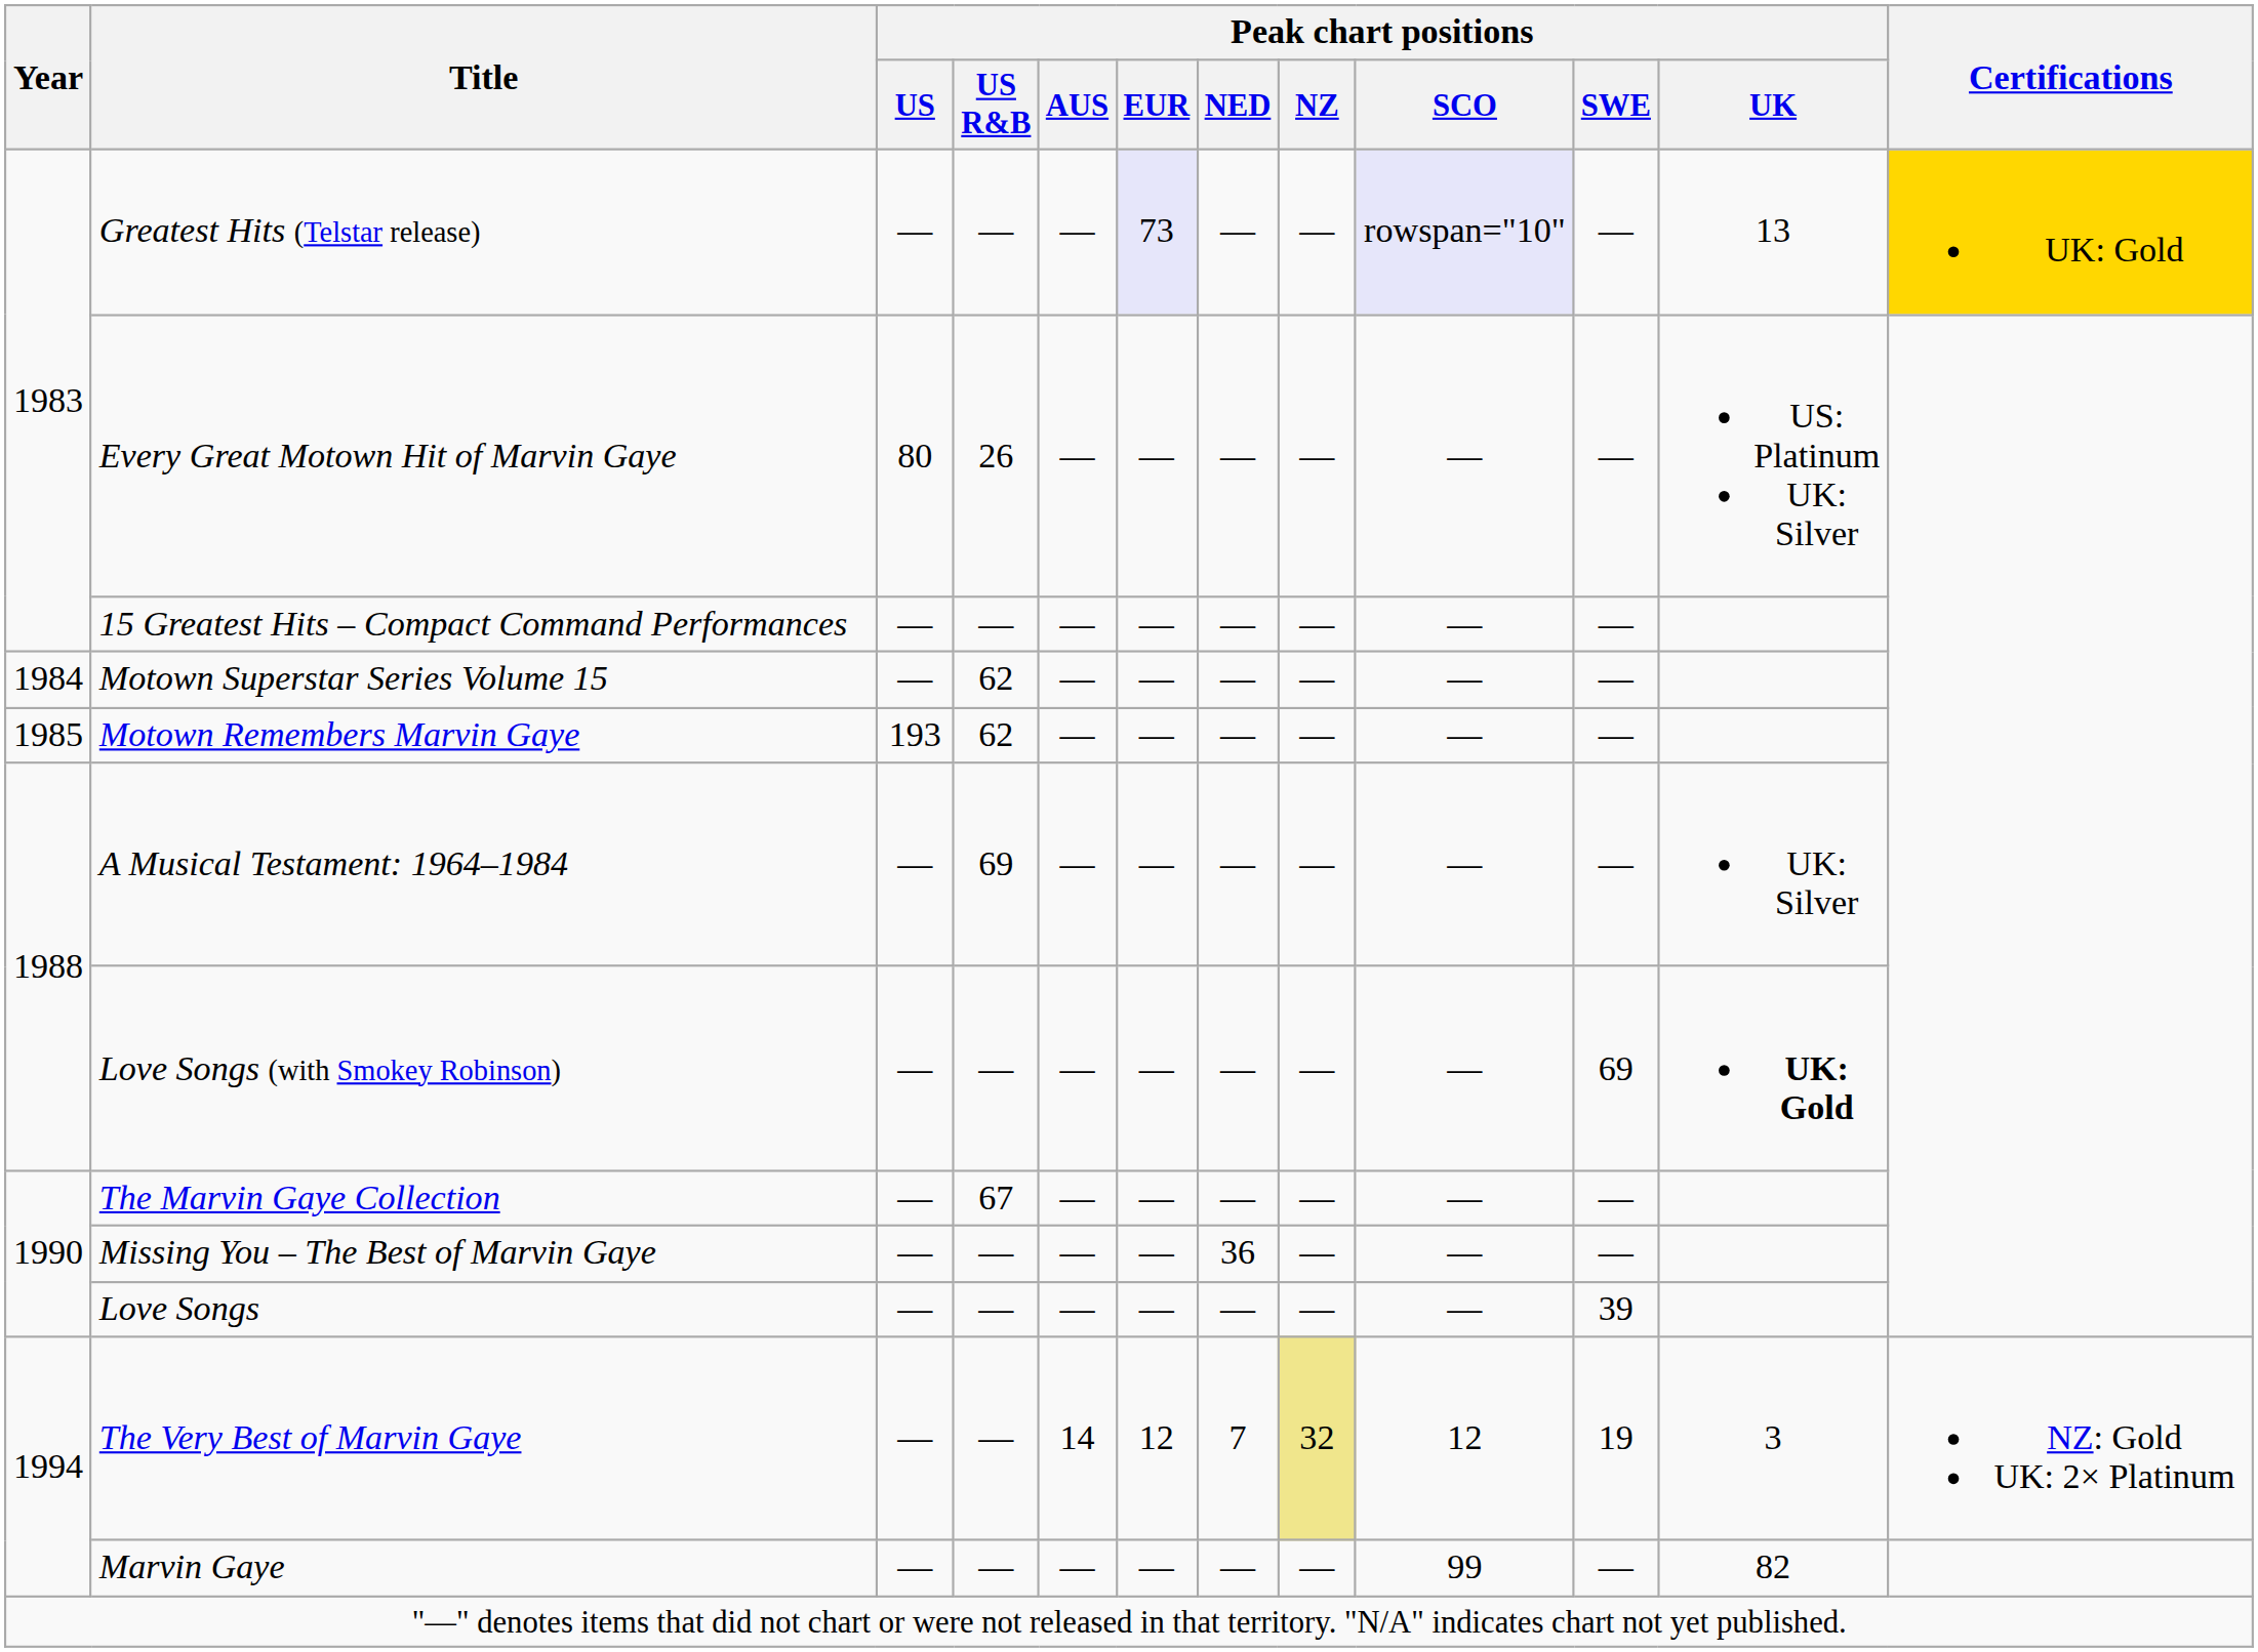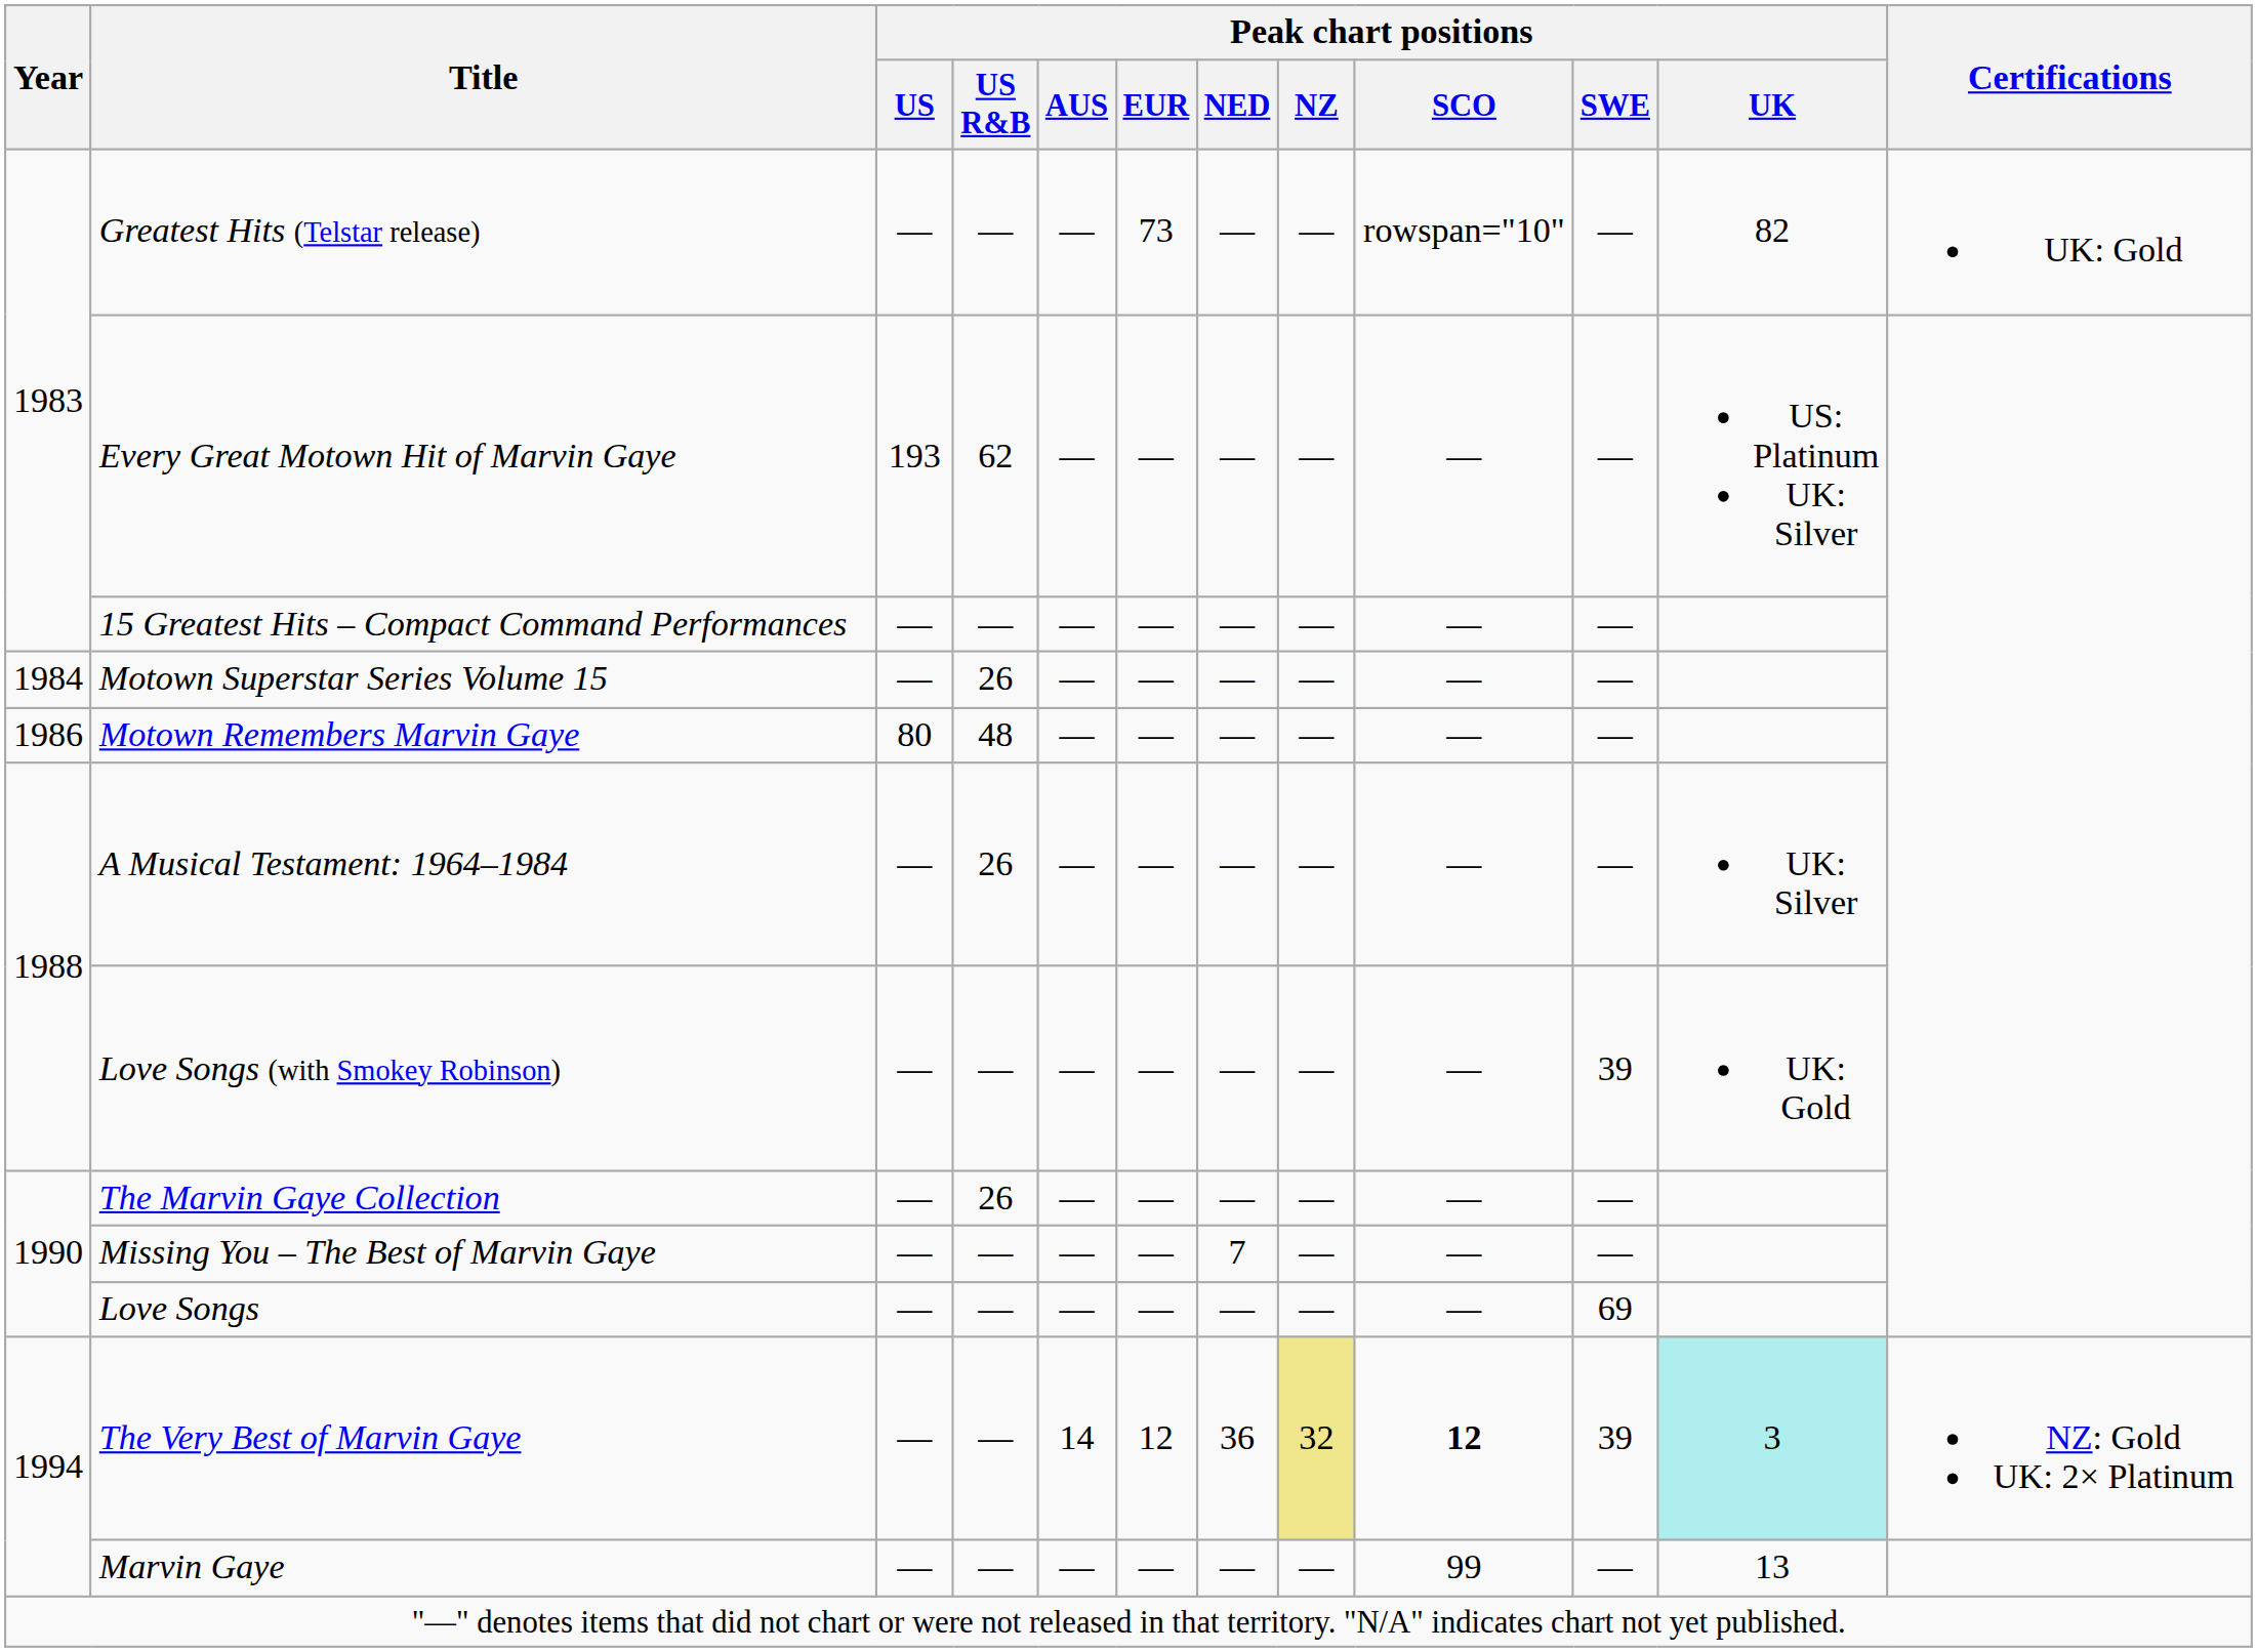 <table class="wikitable plainrowheaders" style="text-align:center;">
 <tr>
 <th scope="col" rowspan="2" style="width:2em;">Year</th>
 <th scope="col" rowspan="2" style="width:22em;">Title</th>
 <th scope="col" colspan="9">Peak chart positions</th>
 <th scope="col" rowspan="2" style="width:10em;"><a href='#'>Certifications</a></th>
 </tr>
 <tr>
 <th style="width:2em;font-size:90%;"><a href='#'>US</a><br></th>
 <th style="width:2em;font-size:90%;"><a href='#'>US<br>R&B</a><br></th>
 <th style="width:2em;font-size:90%;"><a href='#'>AUS</a><br></th>
 <th style="width:2em;font-size:90%;"><a href='#'>EUR</a><br></th>
 <th style="width:2em;font-size:90%;"><a href='#'>NED</a><br></th>
 <th style="width:2em;font-size:90%;"><a href='#'>NZ</a><br></th>
 <th style="width:2em;font-size:90%;"><a href='#'>SCO</a><br></th>
 <th style="width:2em;font-size:90%;"><a href='#'>SWE</a><br></th>
 <th style="width:2em;font-size:90%;"><a href='#'>UK</a><br></th>
 </tr>
 <tr>
 <td rowspan="3">1983</td>
 <td style="text-align:left;"><em>Greatest Hits</em> <small>(<a href='#'>Telstar</a> release)</small></td>
 <td>—</td>
 <td>—</td>
 <td>—</td>
-<td style="background: lavender;">73</td>
+<td>73</td>
 <td>—</td>
 <td>—</td>
-<td style="background: lavender;">rowspan="10" </td>
+<td>rowspan="10" </td>
 <td>—</td>
-<td>13</td>
-<td style="background: gold;"><br><ul><li>UK: Gold</li></ul></td>
+<td>82</td>
+<td><br><ul><li>UK: Gold</li></ul></td>
 </tr>
 <tr>
 <td style="text-align:left;"><em>Every Great Motown Hit of Marvin Gaye</em></td>
-<td>80</td>
-<td>26</td>
+<td>193</td>
+<td>62</td>
 <td>—</td>
 <td>—</td>
 <td>—</td>
 <td>—</td>
 <td>—</td>
 <td>—</td>
 <td><br><ul><li>US: Platinum</li><li>UK: Silver</li></ul></td>
 </tr>
 <tr>
 <td style="text-align:left;"><em>15 Greatest Hits – Compact Command Performances</em></td>
 <td>—</td>
 <td>—</td>
 <td>—</td>
 <td>—</td>
 <td>—</td>
 <td>—</td>
 <td>—</td>
 <td>—</td>
 <td></td>
 </tr>
 <tr>
 <td>1984</td>
 <td style="text-align:left;"><em>Motown Superstar Series Volume 15</em></td>
 <td>—</td>
-<td>62</td>
+<td>26</td>
 <td>—</td>
 <td>—</td>
 <td>—</td>
 <td>—</td>
 <td>—</td>
 <td>—</td>
 <td></td>
 </tr>
 <tr>
-<td>1985</td>
+<td>1986</td>
 <td style="text-align:left;"><em><a href='#'>Motown Remembers Marvin Gaye</a></em></td>
-<td>193</td>
-<td>62</td>
+<td>80</td>
+<td>48</td>
 <td>—</td>
 <td>—</td>
 <td>—</td>
 <td>—</td>
 <td>—</td>
 <td>—</td>
 <td></td>
 </tr>
 <tr>
 <td rowspan="2">1988</td>
 <td style="text-align:left;"><em>A Musical Testament: 1964–1984</em></td>
 <td>—</td>
-<td>69</td>
+<td>26</td>
 <td>—</td>
 <td>—</td>
 <td>—</td>
 <td>—</td>
 <td>—</td>
 <td>—</td>
 <td><br><ul><li>UK: Silver</li></ul></td>
 </tr>
 <tr>
 <td style="text-align:left;"><em>Love Songs</em> <small>(with <a href='#'>Smokey Robinson</a>)</small></td>
 <td>—</td>
 <td>—</td>
 <td>—</td>
 <td>—</td>
 <td>—</td>
 <td>—</td>
 <td>—</td>
-<td>69</td>
-<td><strong><br><ul><li>UK: Gold</li></ul></strong></td>
+<td>39</td>
+<td><br><ul><li>UK: Gold</li></ul></td>
 </tr>
 <tr>
 <td rowspan="3">1990</td>
 <td style="text-align:left;"><em><a href='#'>The Marvin Gaye Collection</a></em></td>
 <td>—</td>
-<td>67</td>
+<td>26</td>
 <td>—</td>
 <td>—</td>
 <td>—</td>
 <td>—</td>
 <td>—</td>
 <td>—</td>
 <td></td>
 </tr>
 <tr>
 <td style="text-align:left;"><em>Missing You – The Best of Marvin Gaye</em></td>
 <td>—</td>
 <td>—</td>
 <td>—</td>
 <td>—</td>
-<td>36</td>
+<td>7</td>
 <td>—</td>
 <td>—</td>
 <td>—</td>
 <td></td>
 </tr>
 <tr>
 <td style="text-align:left;"><em>Love Songs</em></td>
 <td>—</td>
 <td>—</td>
 <td>—</td>
 <td>—</td>
 <td>—</td>
 <td>—</td>
 <td>—</td>
-<td>39</td>
+<td>69</td>
 <td></td>
 </tr>
 <tr>
 <td rowspan="2">1994</td>
 <td style="text-align:left;"><em><a href='#'>The Very Best of Marvin Gaye</a></em></td>
 <td>—</td>
 <td>—</td>
 <td>14</td>
 <td>12</td>
-<td>7</td>
+<td>36</td>
 <td style="background: khaki;">32</td>
-<td>12</td>
-<td>19</td>
-<td>3</td>
+<td><strong>12</strong></td>
+<td>39</td>
+<td style="background: paleturquoise;">3</td>
 <td><br><ul><li><a href='#'>NZ</a>: Gold</li><li>UK: 2× Platinum</li></ul></td>
 </tr>
 <tr>
 <td style="text-align:left;"><em>Marvin Gaye</em></td>
 <td>—</td>
 <td>—</td>
 <td>—</td>
 <td>—</td>
 <td>—</td>
 <td>—</td>
 <td>99</td>
 <td>—</td>
-<td>82</td>
+<td>13</td>
 <td></td>
 </tr>
 <tr>
 <td align="center" colspan="15" style="font-size:90%">"—" denotes items that did not chart or were not released in that territory. "N/A" indicates chart not yet published.</td>
 </tr>
 </table>
